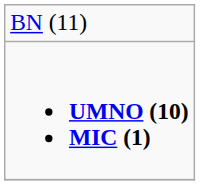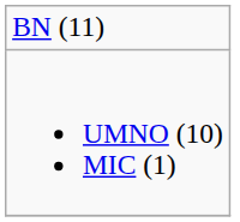 <table class="wikitable">
 <tr>
 <td> <a href='#'>BN</a> (11)</td>
 </tr>
 <tr>
-<td><strong><br><ul><li> <a href='#'>UMNO</a> (10)</li><li> <a href='#'>MIC</a> (1)</li></ul></strong></td>
+<td><br><ul><li> <a href='#'>UMNO</a> (10)</li><li> <a href='#'>MIC</a> (1)</li></ul></td>
 </tr>
 <tr>
 </tr>
 </table>
